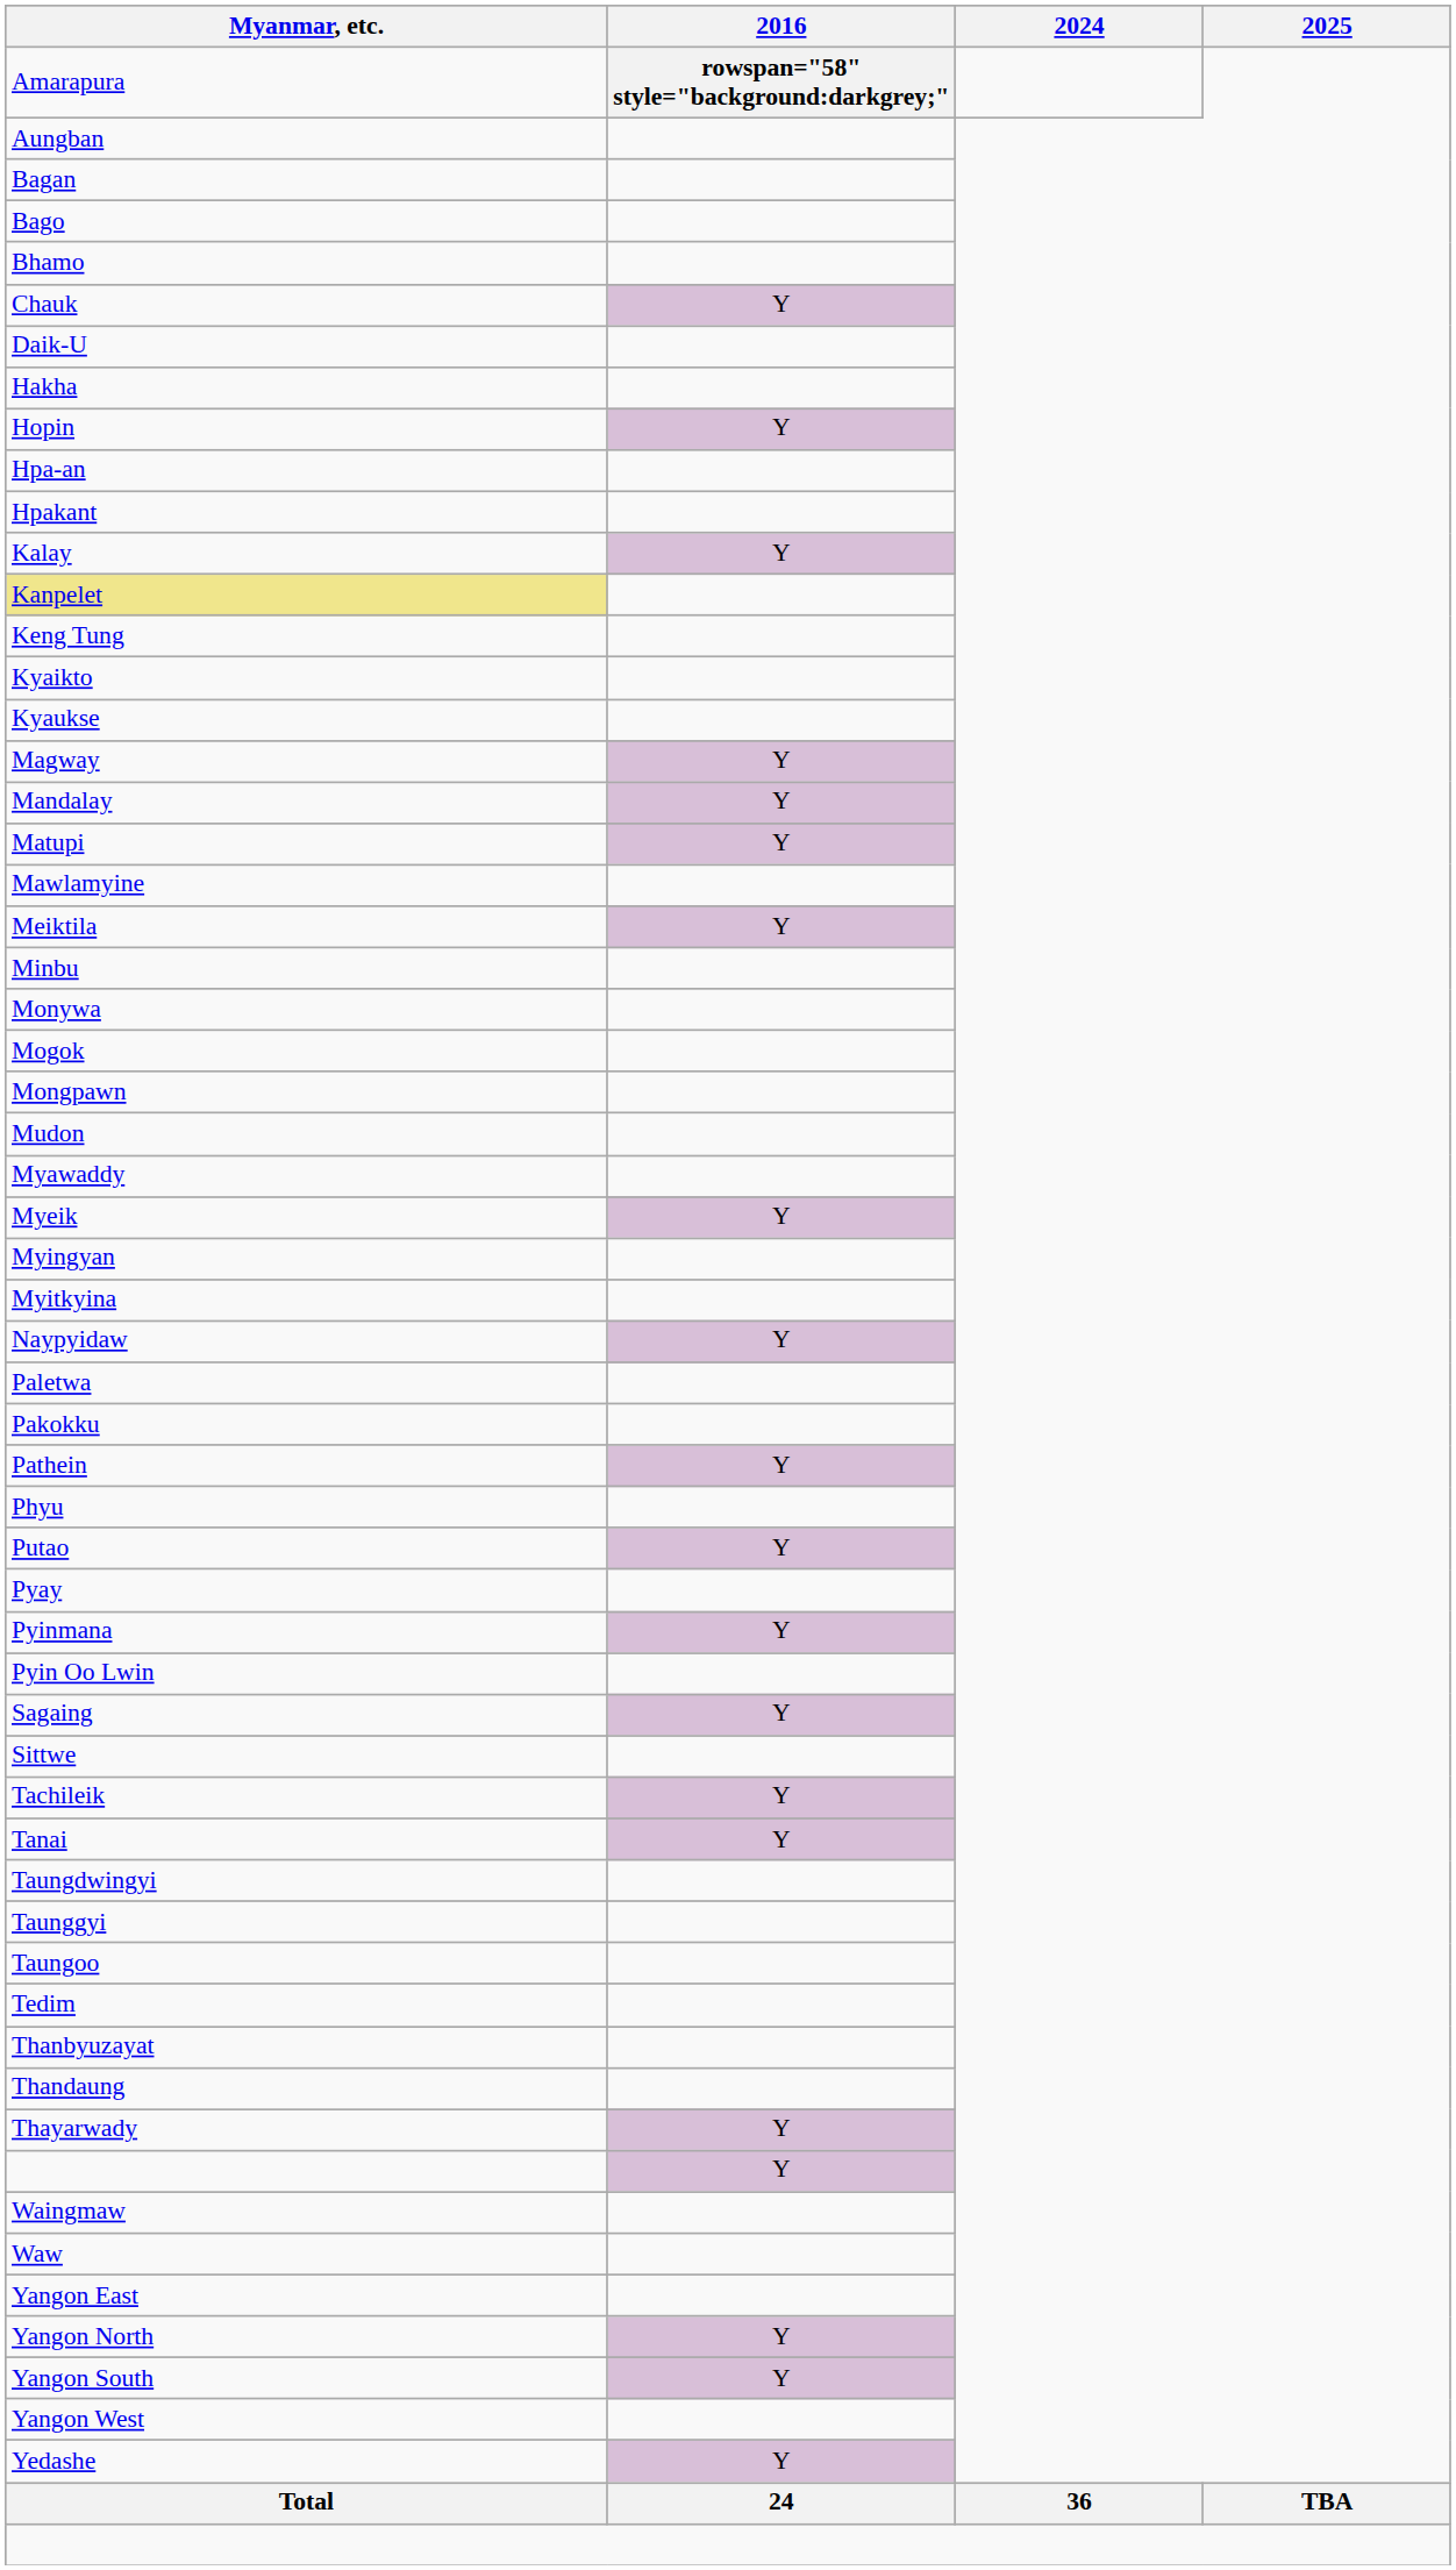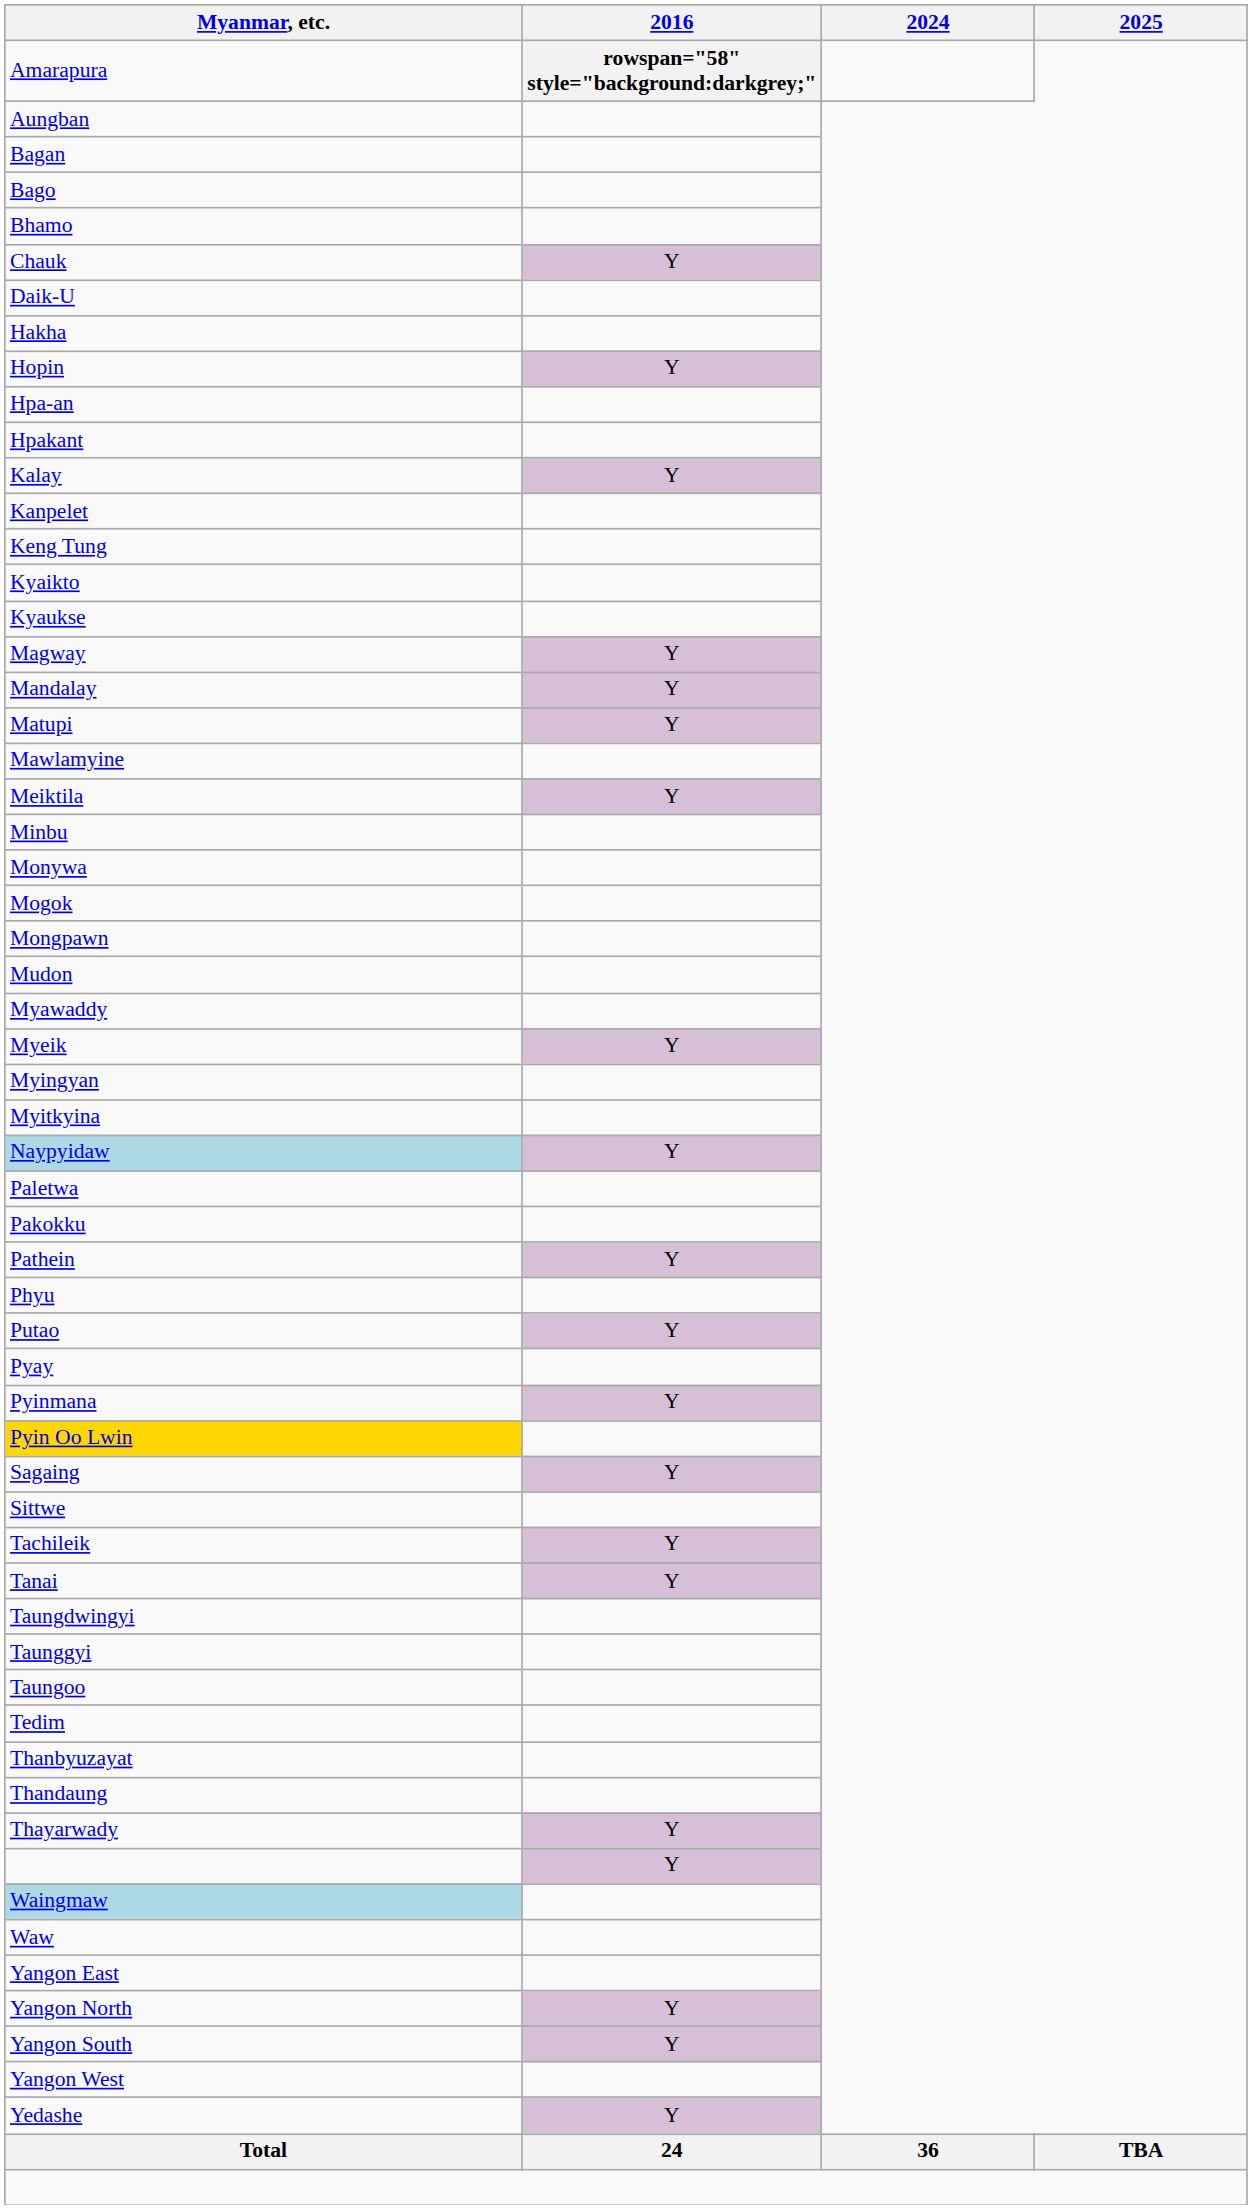 <table class="wikitable sortable" style="font-size: 80%;">
 <tr>
 <th width=300><a href='#'>Myanmar</a>, etc.</th>
 <th width=120><a href='#'>2016</a></th>
 <th width=120><a href='#'>2024</a></th>
 <th width=120><a href='#'>2025</a></th>
 </tr>
 <tr>
 <td> <a href='#'>Amarapura</a></td>
 <th>rowspan="58" style="background:darkgrey;" </th>
 <td></td>
 </tr>
 <tr>
 <td> <a href='#'>Aungban</a></td>
 <td></td>
 </tr>
 <tr>
 <td> <a href='#'>Bagan</a></td>
 <td></td>
 </tr>
 <tr>
 <td> <a href='#'>Bago</a></td>
 <td></td>
 </tr>
 <tr>
 <td> <a href='#'>Bhamo</a></td>
 <td></td>
 </tr>
 <tr>
 <td> <a href='#'>Chauk</a></td>
 <td bgcolor=#D8BFD8 align=center>Y</td>
 </tr>
 <tr>
 <td> <a href='#'>Daik-U</a></td>
 <td></td>
 </tr>
 <tr>
 <td> <a href='#'>Hakha</a></td>
 <td></td>
 </tr>
 <tr>
 <td> <a href='#'>Hopin</a></td>
 <td bgcolor=#D8BFD8 align=center>Y</td>
 </tr>
 <tr>
 <td> <a href='#'>Hpa-an</a></td>
 <td></td>
 </tr>
 <tr>
 <td> <a href='#'>Hpakant</a></td>
 <td></td>
 </tr>
 <tr>
 <td> <a href='#'>Kalay</a></td>
 <td bgcolor=#D8BFD8 align=center>Y</td>
 </tr>
 <tr>
-<td style="background: khaki;"> <a href='#'>Kanpelet</a></td>
+<td> <a href='#'>Kanpelet</a></td>
 <td></td>
 </tr>
 <tr>
 <td> <a href='#'>Keng Tung</a></td>
 <td></td>
 </tr>
 <tr>
 <td> <a href='#'>Kyaikto</a></td>
 <td></td>
 </tr>
 <tr>
 <td> <a href='#'>Kyaukse</a></td>
 <td></td>
 </tr>
 <tr>
 <td> <a href='#'>Magway</a></td>
 <td bgcolor=#D8BFD8 align=center>Y</td>
 </tr>
 <tr>
 <td> <a href='#'>Mandalay</a></td>
 <td bgcolor=#D8BFD8 align=center>Y</td>
 </tr>
 <tr>
 <td> <a href='#'>Matupi</a></td>
 <td bgcolor=#D8BFD8 align=center>Y</td>
 </tr>
 <tr>
 <td> <a href='#'>Mawlamyine</a></td>
 <td></td>
 </tr>
 <tr>
 <td> <a href='#'>Meiktila</a></td>
 <td bgcolor=#D8BFD8 align=center>Y</td>
 </tr>
 <tr>
 <td> <a href='#'>Minbu</a></td>
 <td></td>
 </tr>
 <tr>
 <td> <a href='#'>Monywa</a></td>
 <td></td>
 </tr>
 <tr>
 <td> <a href='#'>Mogok</a></td>
 <td></td>
 </tr>
 <tr>
 <td> <a href='#'>Mongpawn</a></td>
 <td></td>
 </tr>
 <tr>
 <td> <a href='#'>Mudon</a></td>
 <td></td>
 </tr>
 <tr>
 <td> <a href='#'>Myawaddy</a></td>
 <td></td>
 </tr>
 <tr>
 <td> <a href='#'>Myeik</a></td>
 <td bgcolor=#D8BFD8 align=center>Y</td>
 </tr>
 <tr>
 <td> <a href='#'>Myingyan</a></td>
 <td></td>
 </tr>
 <tr>
 <td> <a href='#'>Myitkyina</a></td>
 <td></td>
 </tr>
 <tr>
-<td> <a href='#'>Naypyidaw</a></td>
+<td style="background: lightblue;"> <a href='#'>Naypyidaw</a></td>
 <td bgcolor=#D8BFD8 align=center>Y</td>
 </tr>
 <tr>
 <td> <a href='#'>Paletwa</a></td>
 <td></td>
 </tr>
 <tr>
 <td> <a href='#'>Pakokku</a></td>
 <td></td>
 </tr>
 <tr>
 <td> <a href='#'>Pathein</a></td>
 <td bgcolor=#D8BFD8 align=center>Y</td>
 </tr>
 <tr>
 <td> <a href='#'>Phyu</a></td>
 <td></td>
 </tr>
 <tr>
 <td> <a href='#'>Putao</a></td>
 <td bgcolor=#D8BFD8 align=center>Y</td>
 </tr>
 <tr>
 <td> <a href='#'>Pyay</a></td>
 <td></td>
 </tr>
 <tr>
 <td> <a href='#'>Pyinmana</a></td>
 <td bgcolor=#D8BFD8 align=center>Y</td>
 </tr>
 <tr>
-<td> <a href='#'>Pyin Oo Lwin</a></td>
+<td style="background: gold;"> <a href='#'>Pyin Oo Lwin</a></td>
 <td></td>
 </tr>
 <tr>
 <td> <a href='#'>Sagaing</a></td>
 <td bgcolor=#D8BFD8 align=center>Y</td>
 </tr>
 <tr>
 <td> <a href='#'>Sittwe</a></td>
 <td></td>
 </tr>
 <tr>
 <td> <a href='#'>Tachileik</a></td>
 <td bgcolor=#D8BFD8 align=center>Y</td>
 </tr>
 <tr>
 <td> <a href='#'>Tanai</a></td>
 <td bgcolor=#D8BFD8 align=center>Y</td>
 </tr>
 <tr>
 <td> <a href='#'>Taungdwingyi</a></td>
 <td></td>
 </tr>
 <tr>
 <td> <a href='#'>Taunggyi</a></td>
 <td></td>
 </tr>
 <tr>
 <td> <a href='#'>Taungoo</a></td>
 <td></td>
 </tr>
 <tr>
 <td> <a href='#'>Tedim</a></td>
 <td></td>
 </tr>
 <tr>
 <td> <a href='#'>Thanbyuzayat</a></td>
 <td></td>
 </tr>
 <tr>
 <td> <a href='#'>Thandaung</a></td>
 <td></td>
 </tr>
 <tr>
 <td> <a href='#'>Thayarwady</a></td>
 <td bgcolor=#D8BFD8 align=center>Y</td>
 </tr>
 <tr>
 <td> </td>
 <td bgcolor=#D8BFD8 align=center>Y</td>
 </tr>
 <tr>
-<td> <a href='#'>Waingmaw</a></td>
+<td style="background: lightblue;"> <a href='#'>Waingmaw</a></td>
 <td></td>
 </tr>
 <tr>
 <td> <a href='#'>Waw</a></td>
 <td></td>
 </tr>
 <tr>
 <td> <a href='#'>Yangon East</a></td>
 <td></td>
 </tr>
 <tr>
 <td> <a href='#'>Yangon North</a></td>
 <td bgcolor=#D8BFD8 align=center>Y</td>
 </tr>
 <tr>
 <td> <a href='#'>Yangon South</a></td>
 <td bgcolor=#D8BFD8 align=center>Y</td>
 </tr>
 <tr>
 <td> <a href='#'>Yangon West</a></td>
 <td></td>
 </tr>
 <tr>
 <td> <a href='#'>Yedashe</a></td>
 <td bgcolor=#D8BFD8 align=center>Y</td>
 </tr>
 <tr>
 <th>Total</th>
 <th>24</th>
 <th>36</th>
 <th>TBA</th>
 </tr>
 <tr>
 <td colspan="4" align=left><br></td>
 </tr>
 </table>
